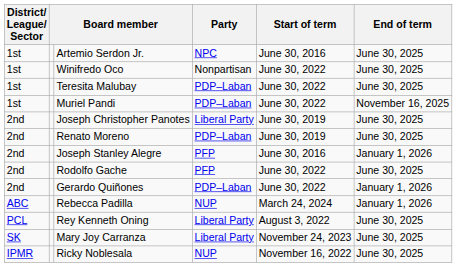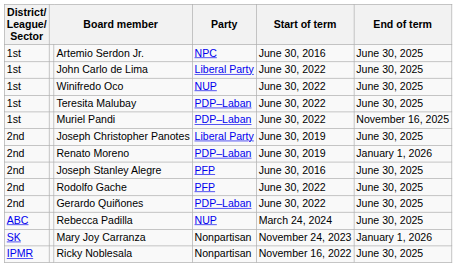 <table class="wikitable">
 <tr>
 <th>District/<br>League/<br>Sector</th>
 <th colspan="2">Board member</th>
 <th>Party</th>
 <th>Start of term</th>
 <th>End of term</th>
 </tr>
 <tr>
 <td>1st</td>
 <td></td>
 <td>Artemio Serdon Jr.</td>
 <td><a href='#'>NPC</a></td>
 <td>June 30, 2016</td>
 <td>June 30, 2025</td>
 </tr>
 <tr>
 <td>1st</td>
 <td></td>
+<td>John Carlo de Lima</td>
+<td><a href='#'>Liberal Party</a></td>
+<td>June 30, 2022</td>
+<td>June 30, 2025</td>
+</tr>
+<tr>
+<td>1st</td>
+<td></td>
 <td>Winifredo Oco</td>
-<td>Nonpartisan</td>
+<td><a href='#'>NUP</a></td>
 <td>June 30, 2022</td>
 <td>June 30, 2025</td>
 </tr>
 <tr>
 <td>1st</td>
 <td></td>
 <td>Teresita Malubay</td>
 <td><a href='#'>PDP–Laban</a></td>
 <td>June 30, 2022</td>
 <td>June 30, 2025</td>
 </tr>
 <tr>
 <td>1st</td>
 <td></td>
 <td>Muriel Pandi</td>
 <td><a href='#'>PDP–Laban</a></td>
 <td>June 30, 2022</td>
 <td>November 16, 2025</td>
 </tr>
 <tr>
 <td>2nd</td>
 <td></td>
 <td>Joseph Christopher Panotes</td>
 <td><a href='#'>Liberal Party</a></td>
 <td>June 30, 2019</td>
 <td>June 30, 2025</td>
 </tr>
 <tr>
 <td>2nd</td>
 <td></td>
 <td>Renato Moreno</td>
 <td><a href='#'>PDP–Laban</a></td>
 <td>June 30, 2019</td>
-<td>June 30, 2025</td>
+<td>January 1, 2026</td>
 </tr>
 <tr>
 <td>2nd</td>
 <td></td>
 <td>Joseph Stanley Alegre</td>
 <td><a href='#'>PFP</a></td>
 <td>June 30, 2016</td>
-<td>January 1, 2026</td>
+<td>June 30, 2025</td>
 </tr>
 <tr>
 <td>2nd</td>
 <td></td>
 <td>Rodolfo Gache</td>
 <td><a href='#'>PFP</a></td>
 <td>June 30, 2022</td>
 <td>June 30, 2025</td>
 </tr>
 <tr>
 <td>2nd</td>
 <td></td>
 <td>Gerardo Quiñones</td>
 <td><a href='#'>PDP–Laban</a></td>
 <td>June 30, 2022</td>
-<td>January 1, 2026</td>
+<td>June 30, 2025</td>
 </tr>
 <tr>
 <td><a href='#'>ABC</a></td>
 <td></td>
 <td>Rebecca Padilla</td>
 <td><a href='#'>NUP</a></td>
 <td>March 24, 2024</td>
-<td>January 1, 2026</td>
-</tr>
-<tr>
-<td><a href='#'>PCL</a></td>
-<td></td>
-<td>Rey Kenneth Oning</td>
-<td><a href='#'>Liberal Party</a></td>
-<td>August 3, 2022</td>
 <td>June 30, 2025</td>
 </tr>
 <tr>
 <td><a href='#'>SK</a></td>
 <td></td>
 <td>Mary Joy Carranza</td>
-<td><a href='#'>Liberal Party</a></td>
+<td>Nonpartisan</td>
 <td>November 24, 2023</td>
-<td>June 30, 2025</td>
+<td>January 1, 2026</td>
 </tr>
 <tr>
 <td><a href='#'>IPMR</a></td>
 <td></td>
 <td>Ricky Noblesala</td>
-<td><a href='#'>NUP</a></td>
+<td>Nonpartisan</td>
 <td>November 16, 2022</td>
 <td>June 30, 2025</td>
 </tr>
 </table>
